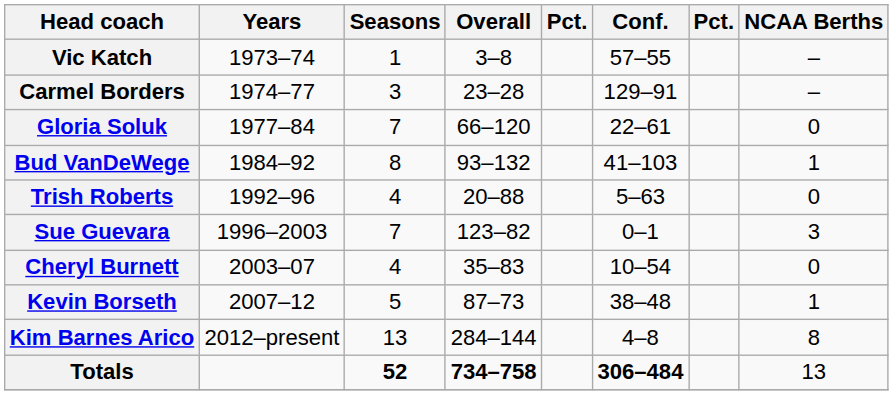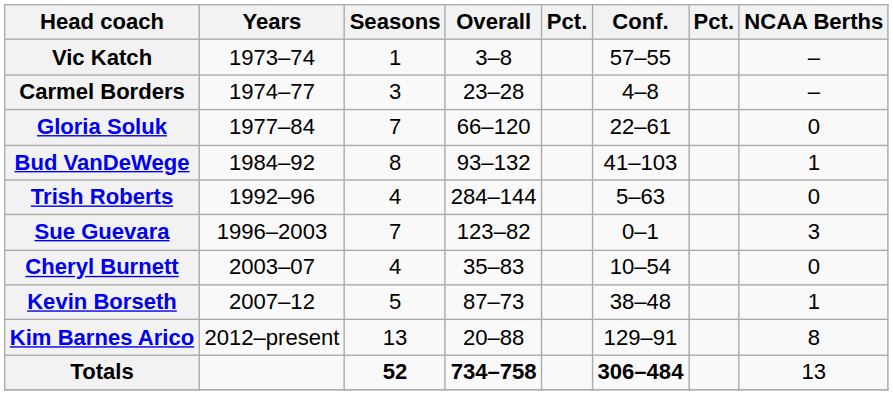 <table class="wikitable" style="text-align: center;">
 <tr>
 <th>Head coach</th>
 <th>Years</th>
 <th>Seasons</th>
 <th>Overall</th>
 <th>Pct.</th>
 <th>Conf.</th>
 <th>Pct.</th>
 <th>NCAA Berths</th>
 </tr>
 <tr>
 <th>Vic Katch</th>
 <td>1973–74</td>
 <td>1</td>
 <td>3–8</td>
 <td></td>
 <td>57–55</td>
 <td></td>
 <td>–</td>
 </tr>
 <tr>
 <th>Carmel Borders</th>
 <td>1974–77</td>
 <td>3</td>
 <td>23–28</td>
 <td></td>
-<td>129–91</td>
+<td>4–8</td>
 <td></td>
 <td>–</td>
 </tr>
 <tr>
 <th><a href='#'>Gloria Soluk</a></th>
 <td>1977–84</td>
 <td>7</td>
 <td>66–120</td>
 <td></td>
 <td>22–61</td>
 <td></td>
 <td>0</td>
 </tr>
 <tr>
 <th><a href='#'>Bud VanDeWege</a></th>
 <td>1984–92</td>
 <td>8</td>
 <td>93–132</td>
 <td></td>
 <td>41–103</td>
 <td></td>
 <td>1</td>
 </tr>
 <tr>
 <th><a href='#'>Trish Roberts</a></th>
 <td>1992–96</td>
 <td>4</td>
-<td>20–88</td>
+<td>284–144</td>
 <td></td>
 <td>5–63</td>
 <td></td>
 <td>0</td>
 </tr>
 <tr>
 <th><a href='#'>Sue Guevara</a></th>
 <td>1996–2003</td>
 <td>7</td>
 <td>123–82</td>
 <td></td>
 <td>0–1</td>
 <td></td>
 <td>3</td>
 </tr>
 <tr>
 <th><a href='#'>Cheryl Burnett</a></th>
 <td>2003–07</td>
 <td>4</td>
 <td>35–83</td>
 <td></td>
 <td>10–54</td>
 <td></td>
 <td>0</td>
 </tr>
 <tr>
 <th><a href='#'>Kevin Borseth</a></th>
 <td>2007–12</td>
 <td>5</td>
 <td>87–73</td>
 <td></td>
 <td>38–48</td>
 <td></td>
 <td>1</td>
 </tr>
 <tr>
 <th><a href='#'>Kim Barnes Arico</a></th>
 <td>2012–present</td>
 <td>13</td>
-<td>284–144</td>
+<td>20–88</td>
 <td></td>
-<td>4–8</td>
+<td>129–91</td>
 <td></td>
 <td>8</td>
 </tr>
 <tr>
 <th><strong>Totals</strong></th>
 <td></td>
 <td><strong>52</strong></td>
 <td><strong>734–758</strong></td>
 <td><strong></strong></td>
 <td><strong>306–484</strong></td>
 <td><strong></strong></td>
 <td>13</td>
 </tr>
 <tr>
 </tr>
 </table>
